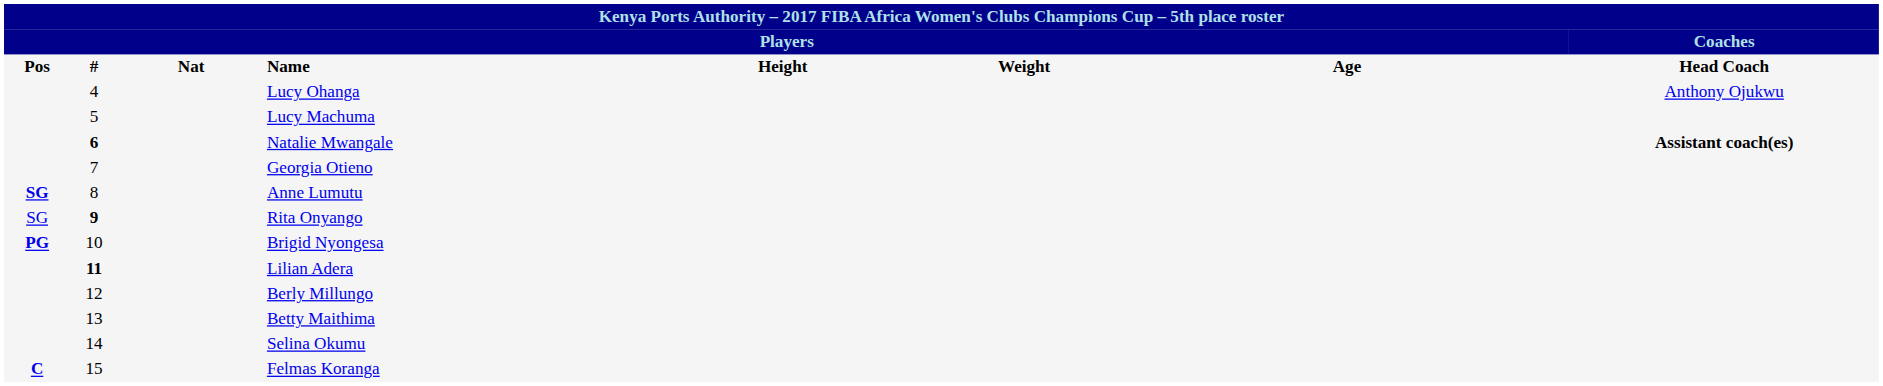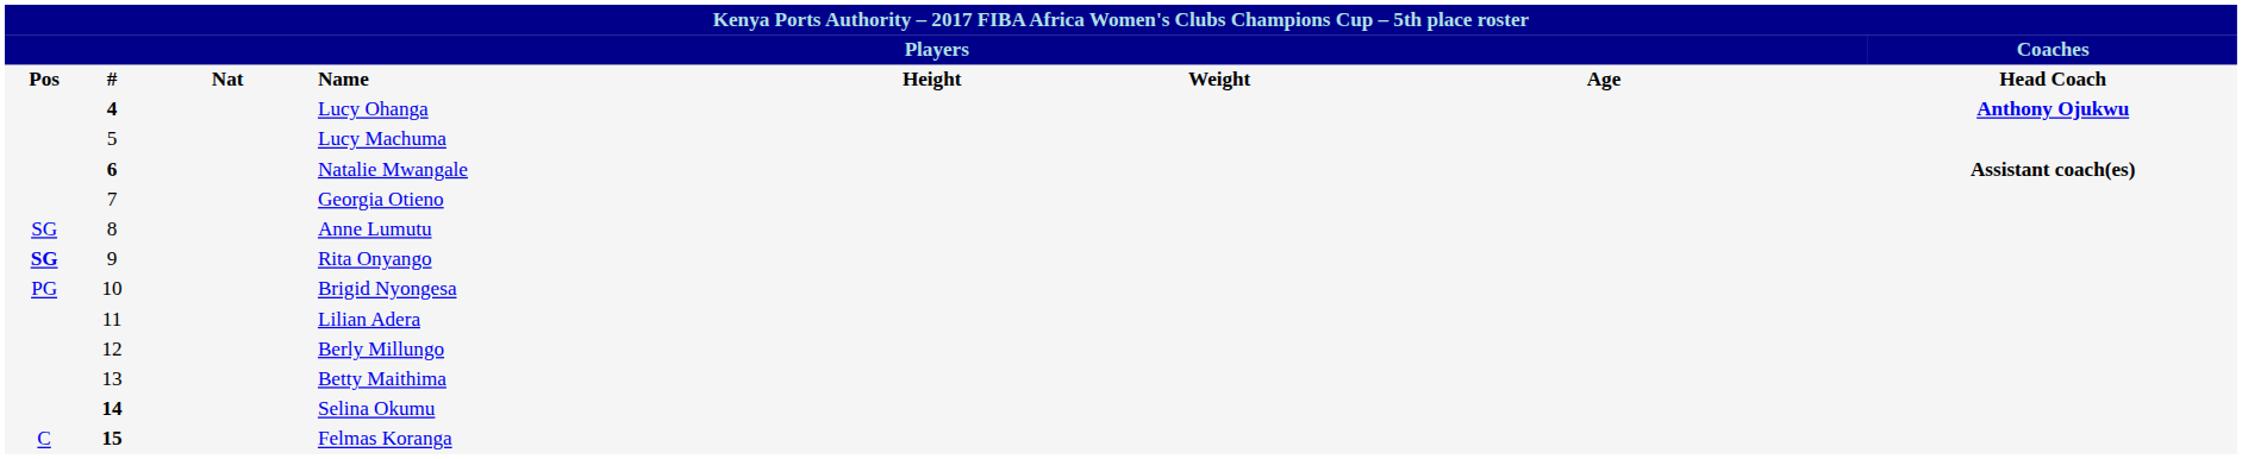 <table border=0 cellpadding=2 cellspacing=0  |- bgcolor=#f5f5f5 style="text-align:center; font-size:85%;" width=75%>
 <tr>
 <td colspan="8" style="background: #00008b; color: #b0e0e6"><strong>Kenya Ports Authority – 2017 FIBA Africa Women's Clubs Champions Cup – 5th place roster</strong></td>
 </tr>
 <tr>
 <td colspan="7" style="background: #00008b; color: #b0e0e6"><strong>Players</strong></td>
 <td style="background: #00008b; color: #b0e0e6"><strong>Coaches</strong></td>
 </tr>
 <tr style="background=#f5f5f5; color: black">
 <th width=5px>Pos</th>
 <th width=5px>#</th>
 <th width=50px>Nat</th>
 <th width=135px align=left>Name</th>
 <th width=100px>Height</th>
 <th width=70px>Weight</th>
 <th width=160px>Age</th>
 <th width=110px>Head Coach</th>
 </tr>
 <tr>
 <td></td>
-<td>4</td>
+<td><strong>4</strong></td>
 <td></td>
 <td align=left><a href='#'>Lucy Ohanga</a></td>
 <td></td>
 <td></td>
 <td><span></span></td>
-<td> <a href='#'>Anthony Ojukwu</a></td>
+<td><strong> <a href='#'>Anthony Ojukwu</a></strong></td>
 </tr>
 <tr>
 <td></td>
 <td>5</td>
 <td></td>
 <td align=left><a href='#'>Lucy Machuma</a></td>
 <td></td>
 <td></td>
 <td><span></span></td>
 </tr>
 <tr>
 <td></td>
 <td><strong>6</strong></td>
 <td></td>
 <td align=left><a href='#'>Natalie Mwangale</a></td>
 <td><span></span></td>
 <td></td>
 <td><span></span></td>
 <td><strong>Assistant coach(es)</strong></td>
 </tr>
 <tr>
 <td></td>
 <td>7</td>
 <td></td>
 <td align=left><a href='#'>Georgia Otieno</a></td>
 <td><span></span></td>
 <td></td>
 <td><span></span></td>
 <td></td>
 </tr>
 <tr>
-<td><strong><a href='#'>SG</a></strong></td>
+<td><a href='#'>SG</a></td>
 <td>8</td>
 <td></td>
 <td align=left><a href='#'>Anne Lumutu</a></td>
 <td><span></span></td>
 <td></td>
 <td><span></span></td>
 <td></td>
 </tr>
 <tr>
-<td><a href='#'>SG</a></td>
-<td><strong>9</strong></td>
+<td><strong><a href='#'>SG</a></strong></td>
+<td>9</td>
 <td></td>
 <td align=left><a href='#'>Rita Onyango</a></td>
 <td></td>
 <td></td>
 <td><span></span></td>
 </tr>
 <tr>
-<td><strong><a href='#'>PG</a></strong></td>
+<td><a href='#'>PG</a></td>
 <td>10</td>
 <td></td>
 <td align=left><a href='#'>Brigid Nyongesa</a></td>
 <td></td>
 <td></td>
 <td><span></span></td>
 </tr>
 <tr>
 <td></td>
-<td><strong>11</strong></td>
+<td>11</td>
 <td></td>
 <td align=left><a href='#'>Lilian Adera</a></td>
 <td></td>
 <td></td>
 <td><span></span></td>
 </tr>
 <tr>
 <td></td>
 <td>12</td>
 <td></td>
 <td align=left><a href='#'>Berly Millungo</a></td>
 <td></td>
 <td></td>
 <td><span></span></td>
 </tr>
 <tr>
 <td></td>
 <td>13</td>
 <td></td>
 <td align=left><a href='#'>Betty Maithima</a></td>
 <td><span></span></td>
 <td></td>
 <td><span></span></td>
 </tr>
 <tr>
 <td></td>
-<td>14</td>
+<td><strong>14</strong></td>
 <td></td>
 <td align=left><a href='#'>Selina Okumu</a></td>
 <td><span></span></td>
 <td></td>
 <td><span></span></td>
 </tr>
 <tr>
-<td><strong><a href='#'>C</a></strong></td>
-<td>15</td>
+<td><a href='#'>C</a></td>
+<td><strong>15</strong></td>
 <td></td>
 <td align=left><a href='#'>Felmas Koranga</a></td>
 <td><span></span></td>
 <td></td>
 <td><span></span></td>
 </tr>
 </table>
